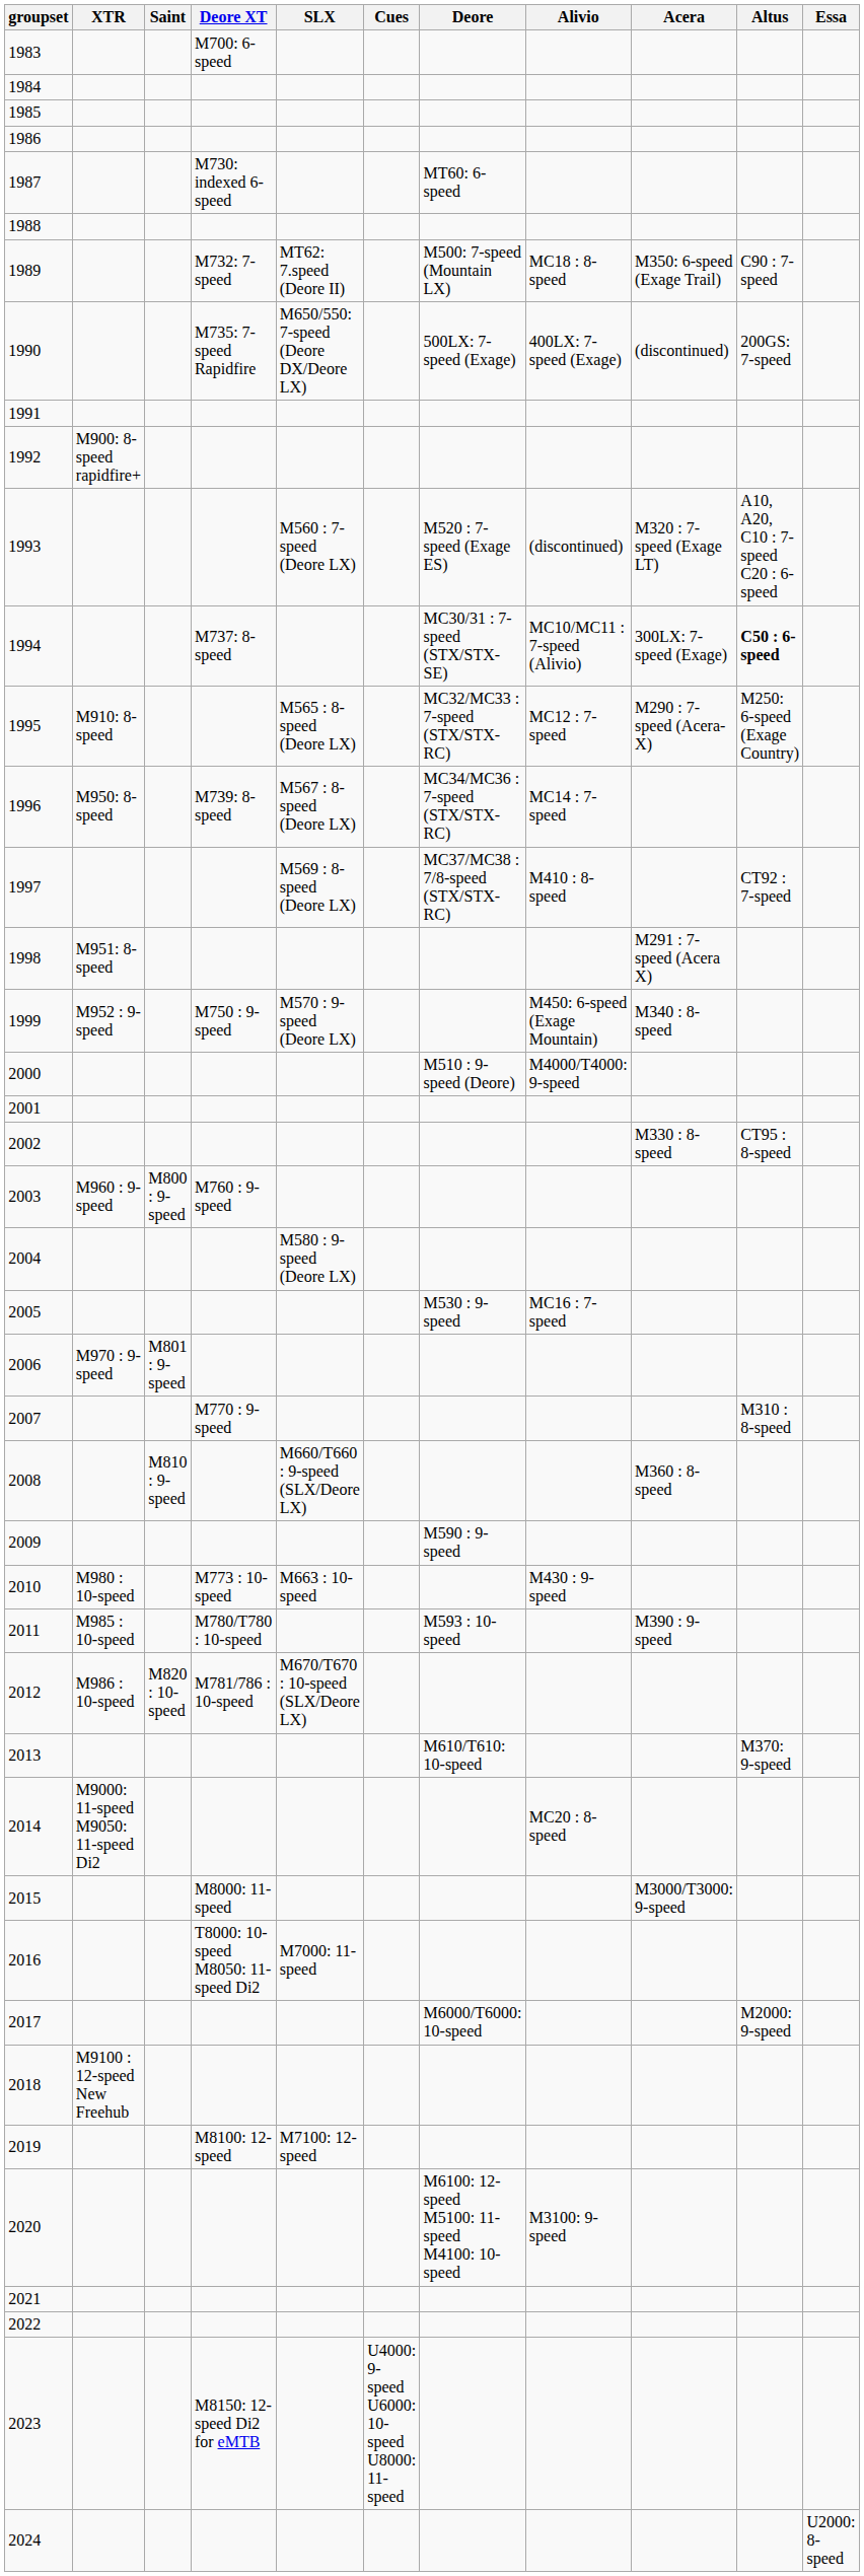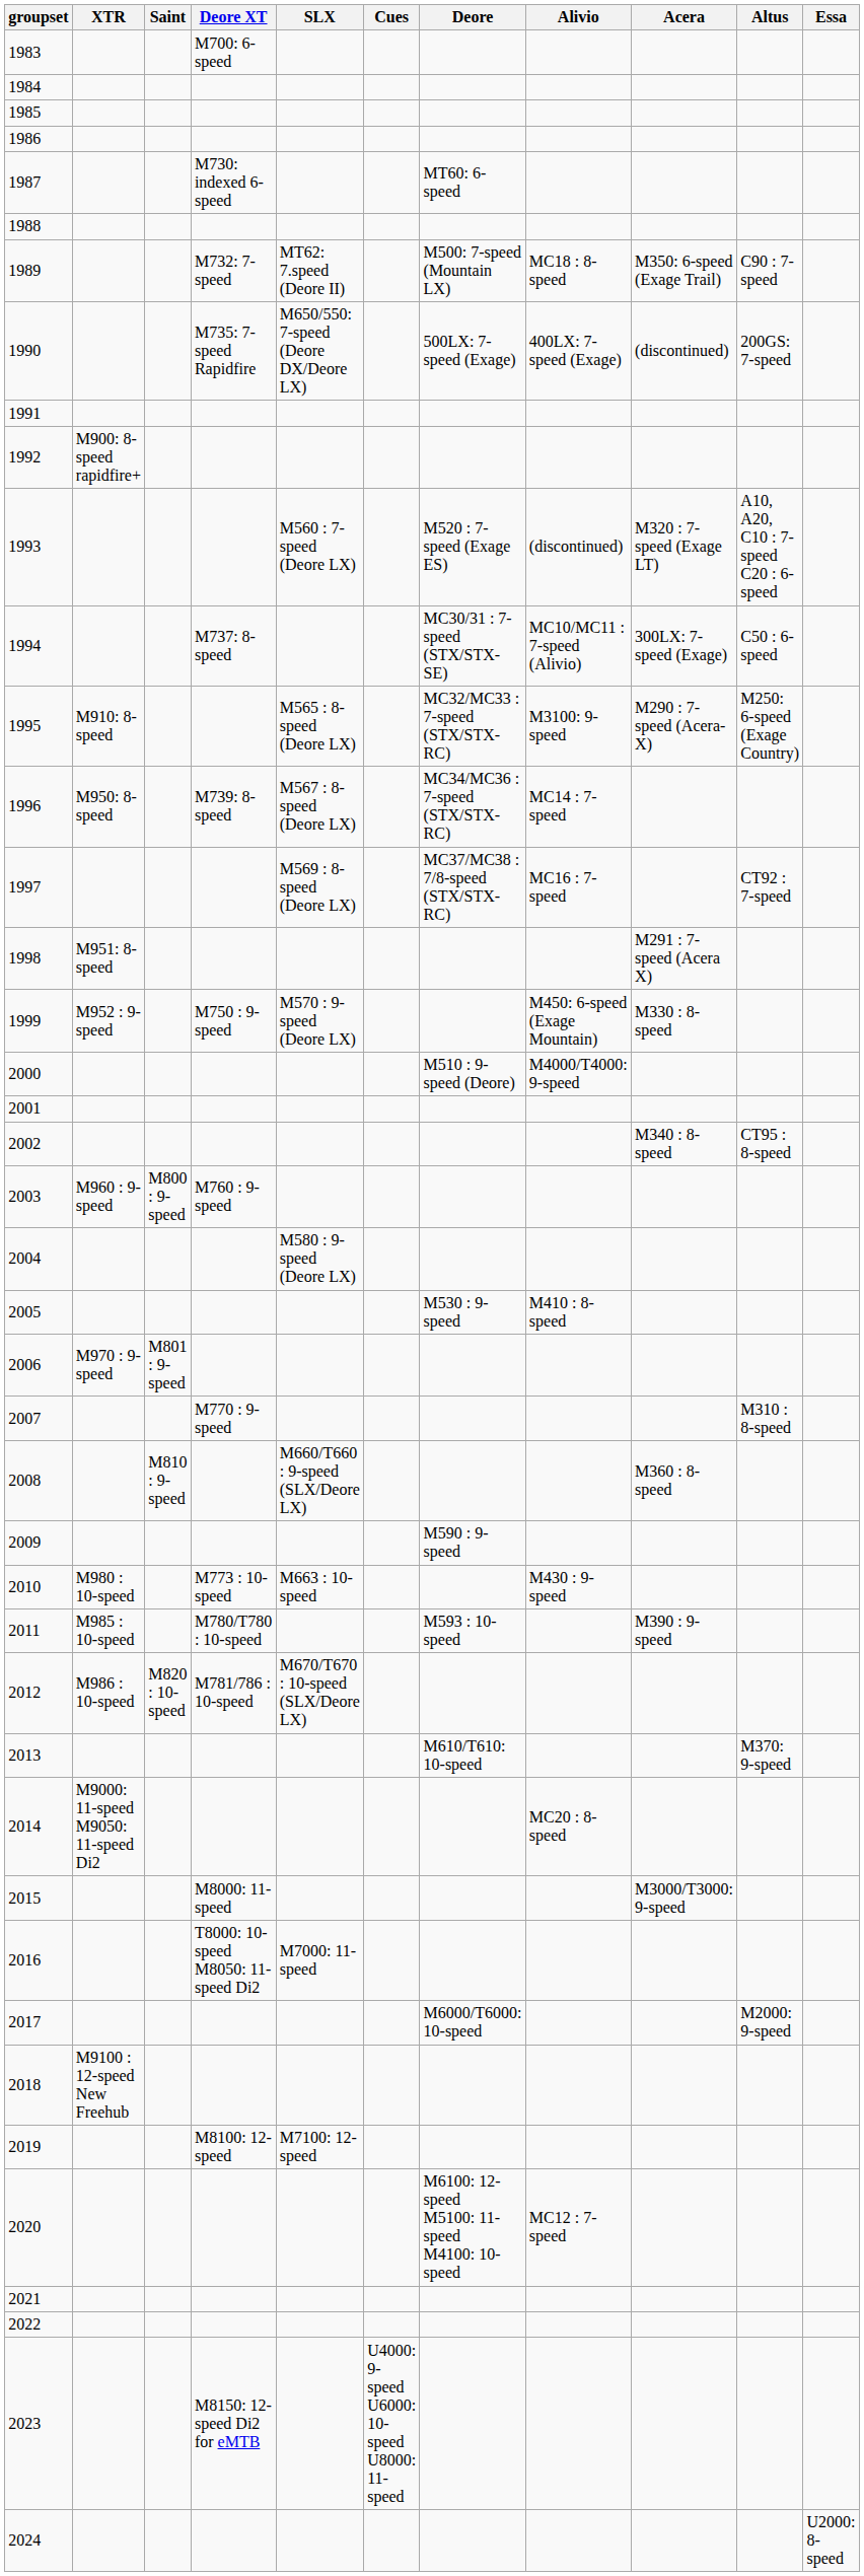 <table class="wikitable">
 <tr>
 <th>groupset</th>
 <th>XTR</th>
 <th>Saint</th>
 <th><a href='#'>Deore XT</a></th>
 <th>SLX</th>
 <th>Cues</th>
 <th>Deore</th>
 <th>Alivio</th>
 <th>Acera</th>
 <th>Altus</th>
 <th>Essa</th>
 </tr>
 <tr>
 <td>1983</td>
 <td></td>
 <td></td>
 <td>M700: 6-speed</td>
 <td></td>
 <td></td>
 <td></td>
 <td></td>
 <td></td>
 <td></td>
 <td></td>
 </tr>
 <tr>
 <td>1984</td>
 <td></td>
 <td></td>
 <td></td>
 <td></td>
 <td></td>
 <td></td>
 <td></td>
 <td></td>
 <td></td>
 <td></td>
 </tr>
 <tr>
 <td>1985</td>
 <td></td>
 <td></td>
 <td></td>
 <td></td>
 <td></td>
 <td></td>
 <td></td>
 <td></td>
 <td></td>
 <td></td>
 </tr>
 <tr>
 <td>1986</td>
 <td></td>
 <td></td>
 <td></td>
 <td></td>
 <td></td>
 <td></td>
 <td></td>
 <td></td>
 <td></td>
 <td></td>
 </tr>
 <tr>
 <td>1987</td>
 <td></td>
 <td></td>
 <td>M730: indexed 6-speed</td>
 <td></td>
 <td></td>
 <td>MT60: 6-speed</td>
 <td></td>
 <td></td>
 <td></td>
 <td></td>
 </tr>
 <tr>
 <td>1988</td>
 <td></td>
 <td></td>
 <td></td>
 <td></td>
 <td></td>
 <td></td>
 <td></td>
 <td></td>
 <td></td>
 <td></td>
 </tr>
 <tr>
 <td>1989</td>
 <td></td>
 <td></td>
 <td>M732: 7-speed</td>
 <td>MT62: 7.speed (Deore II)</td>
 <td></td>
 <td>M500: 7-speed (Mountain LX)</td>
 <td>MC18 : 8-speed</td>
 <td>M350: 6-speed (Exage Trail)</td>
 <td>C90 : 7-speed</td>
 <td></td>
 </tr>
 <tr>
 <td>1990</td>
 <td></td>
 <td></td>
 <td>M735: 7-speed Rapidfire</td>
 <td>M650/550: 7-speed (Deore DX/Deore LX)</td>
 <td></td>
 <td>500LX: 7-speed (Exage)</td>
 <td>400LX: 7-speed (Exage)</td>
 <td>(discontinued)</td>
 <td>200GS: 7-speed</td>
 <td></td>
 </tr>
 <tr>
 <td>1991</td>
 <td></td>
 <td></td>
 <td></td>
 <td></td>
 <td></td>
 <td></td>
 <td></td>
 <td></td>
 <td></td>
 <td></td>
 </tr>
 <tr>
 <td>1992</td>
 <td>M900: 8-speed rapidfire+</td>
 <td></td>
 <td></td>
 <td></td>
 <td></td>
 <td></td>
 <td></td>
 <td></td>
 <td></td>
 <td></td>
 </tr>
 <tr>
 <td>1993</td>
 <td></td>
 <td></td>
 <td></td>
 <td>M560 : 7-speed (Deore LX)</td>
 <td></td>
 <td>M520 : 7-speed (Exage ES)</td>
 <td>(discontinued)</td>
 <td>M320 : 7-speed (Exage LT)</td>
 <td>A10, A20, C10 : 7-speed<br>C20 : 6-speed</td>
 <td></td>
 </tr>
 <tr>
 <td>1994</td>
 <td></td>
 <td></td>
 <td>M737: 8-speed</td>
 <td></td>
 <td></td>
 <td>MC30/31 : 7-speed (STX/STX-SE)</td>
 <td>MC10/MC11 : 7-speed (Alivio)</td>
 <td>300LX: 7-speed (Exage)</td>
-<td><strong>C50 : 6-speed</strong></td>
+<td>C50 : 6-speed</td>
 <td></td>
 </tr>
 <tr>
 <td>1995</td>
 <td>M910: 8-speed</td>
 <td></td>
 <td></td>
 <td>M565 : 8-speed (Deore LX)</td>
 <td></td>
 <td>MC32/MC33 : 7-speed (STX/STX-RC)</td>
-<td>MC12 : 7-speed</td>
+<td>M3100: 9-speed</td>
 <td>M290 : 7-speed (Acera-X)</td>
 <td>M250: 6-speed (Exage Country)</td>
 <td></td>
 </tr>
 <tr>
 <td>1996</td>
 <td>M950: 8-speed</td>
 <td></td>
 <td>M739: 8-speed</td>
 <td>M567 : 8-speed (Deore LX)</td>
 <td></td>
 <td>MC34/MC36 : 7-speed (STX/STX-RC)</td>
 <td>MC14 : 7-speed</td>
 <td></td>
 <td></td>
 <td></td>
 </tr>
 <tr>
 <td>1997</td>
 <td></td>
 <td></td>
 <td></td>
 <td>M569 : 8-speed (Deore LX)</td>
 <td></td>
 <td>MC37/MC38 : 7/8-speed (STX/STX-RC)</td>
-<td>M410 : 8-speed</td>
+<td>MC16 : 7-speed</td>
 <td></td>
 <td>CT92 : 7-speed</td>
 <td></td>
 </tr>
 <tr>
 <td>1998</td>
 <td>M951: 8-speed</td>
 <td></td>
 <td></td>
 <td></td>
 <td></td>
 <td></td>
 <td></td>
 <td>M291 : 7-speed (Acera X)</td>
 <td></td>
 <td></td>
 </tr>
 <tr>
 <td>1999</td>
 <td>M952 : 9-speed</td>
 <td></td>
 <td>M750 : 9-speed</td>
 <td>M570 : 9-speed (Deore LX)</td>
 <td></td>
 <td></td>
 <td>M450: 6-speed (Exage Mountain)</td>
-<td>M340 : 8-speed</td>
+<td>M330 : 8-speed</td>
 <td></td>
 <td></td>
 </tr>
 <tr>
 <td>2000</td>
 <td></td>
 <td></td>
 <td></td>
 <td></td>
 <td></td>
 <td>M510 : 9-speed (Deore)</td>
 <td>M4000/T4000: 9-speed</td>
 <td></td>
 <td></td>
 <td></td>
 </tr>
 <tr>
 <td>2001</td>
 <td></td>
 <td></td>
 <td></td>
 <td></td>
 <td></td>
 <td></td>
 <td></td>
 <td></td>
 <td></td>
 <td></td>
 </tr>
 <tr>
 <td>2002</td>
 <td></td>
 <td></td>
 <td></td>
 <td></td>
 <td></td>
 <td></td>
 <td></td>
-<td>M330 : 8-speed</td>
+<td>M340 : 8-speed</td>
 <td>CT95 : 8-speed</td>
 <td></td>
 </tr>
 <tr>
 <td>2003</td>
 <td>M960 : 9-speed</td>
 <td>M800 : 9-speed</td>
 <td>M760 : 9-speed</td>
 <td></td>
 <td></td>
 <td></td>
 <td></td>
 <td></td>
 <td></td>
 <td></td>
 </tr>
 <tr>
 <td>2004</td>
 <td></td>
 <td></td>
 <td></td>
 <td>M580 : 9-speed (Deore LX)</td>
 <td></td>
 <td></td>
 <td></td>
 <td></td>
 <td></td>
 <td></td>
 </tr>
 <tr>
 <td>2005</td>
 <td></td>
 <td></td>
 <td></td>
 <td></td>
 <td></td>
 <td>M530 : 9-speed</td>
-<td>MC16 : 7-speed</td>
+<td>M410 : 8-speed</td>
 <td></td>
 <td></td>
 <td></td>
 </tr>
 <tr>
 <td>2006</td>
 <td>M970 : 9-speed</td>
 <td>M801 : 9-speed</td>
 <td></td>
 <td></td>
 <td></td>
 <td></td>
 <td></td>
 <td></td>
 <td></td>
 <td></td>
 </tr>
 <tr>
 <td>2007</td>
 <td></td>
 <td></td>
 <td>M770 : 9-speed</td>
 <td></td>
 <td></td>
 <td></td>
 <td></td>
 <td></td>
 <td>M310 : 8-speed</td>
 <td></td>
 </tr>
 <tr>
 <td>2008</td>
 <td></td>
 <td>M810 : 9-speed</td>
 <td></td>
 <td>M660/T660 : 9-speed (SLX/Deore LX)</td>
 <td></td>
 <td></td>
 <td></td>
 <td>M360 : 8-speed</td>
 <td></td>
 <td></td>
 </tr>
 <tr>
 <td>2009</td>
 <td></td>
 <td></td>
 <td></td>
 <td></td>
 <td></td>
 <td>M590 : 9-speed</td>
 <td></td>
 <td></td>
 <td></td>
 <td></td>
 </tr>
 <tr>
 <td>2010</td>
 <td>M980 : 10-speed</td>
 <td></td>
 <td>M773 : 10-speed</td>
 <td>M663 : 10-speed</td>
 <td></td>
 <td></td>
 <td>M430 : 9-speed</td>
 <td></td>
 <td></td>
 <td></td>
 </tr>
 <tr>
 <td>2011</td>
 <td>M985 : 10-speed</td>
 <td></td>
 <td>M780/T780 : 10-speed</td>
 <td></td>
 <td></td>
 <td>M593 : 10-speed</td>
 <td></td>
 <td>M390 : 9-speed</td>
 <td></td>
 <td></td>
 </tr>
 <tr>
 <td>2012</td>
 <td>M986 : 10-speed</td>
 <td>M820 : 10-speed</td>
 <td>M781/786 : 10-speed</td>
 <td>M670/T670 : 10-speed (SLX/Deore LX)</td>
 <td></td>
 <td></td>
 <td></td>
 <td></td>
 <td></td>
 <td></td>
 </tr>
 <tr>
 <td>2013</td>
 <td></td>
 <td></td>
 <td></td>
 <td></td>
 <td></td>
 <td>M610/T610: 10-speed</td>
 <td></td>
 <td></td>
 <td>M370: 9-speed</td>
 <td></td>
 </tr>
 <tr>
 <td>2014</td>
 <td>M9000: 11-speed<br>M9050: 11-speed Di2</td>
 <td></td>
 <td></td>
 <td></td>
 <td></td>
 <td></td>
 <td>MC20 : 8-speed</td>
 <td></td>
 <td></td>
 <td></td>
 </tr>
 <tr>
 <td>2015</td>
 <td></td>
 <td></td>
 <td>M8000: 11-speed</td>
 <td></td>
 <td></td>
 <td></td>
 <td></td>
 <td>M3000/T3000: 9-speed</td>
 <td></td>
 <td></td>
 </tr>
 <tr>
 <td>2016</td>
 <td></td>
 <td></td>
 <td>T8000: 10-speed<br>M8050: 11-speed Di2</td>
 <td>M7000: 11-speed</td>
 <td></td>
 <td></td>
 <td></td>
 <td></td>
 <td></td>
 <td></td>
 </tr>
 <tr>
 <td>2017</td>
 <td></td>
 <td></td>
 <td></td>
 <td></td>
 <td></td>
 <td>M6000/T6000: 10-speed</td>
 <td></td>
 <td></td>
 <td>M2000: 9-speed</td>
 <td></td>
 </tr>
 <tr>
 <td>2018</td>
 <td>M9100 : 12-speed New Freehub</td>
 <td></td>
 <td></td>
 <td></td>
 <td></td>
 <td></td>
 <td></td>
 <td></td>
 <td></td>
 <td></td>
 </tr>
 <tr>
 <td>2019</td>
 <td></td>
 <td></td>
 <td>M8100: 12-speed</td>
 <td>M7100: 12-speed</td>
 <td></td>
 <td></td>
 <td></td>
 <td></td>
 <td></td>
 <td></td>
 </tr>
 <tr>
 <td>2020</td>
 <td></td>
 <td></td>
 <td></td>
 <td></td>
 <td></td>
 <td>M6100: 12-speed<br>M5100: 11-speed<br>M4100: 10-speed</td>
-<td>M3100: 9-speed</td>
+<td>MC12 : 7-speed</td>
 <td></td>
 <td></td>
 <td></td>
 </tr>
 <tr>
 <td>2021</td>
 <td></td>
 <td></td>
 <td></td>
 <td></td>
 <td></td>
 <td></td>
 <td></td>
 <td></td>
 <td></td>
 <td></td>
 </tr>
 <tr>
 <td>2022</td>
 <td></td>
 <td></td>
 <td></td>
 <td></td>
 <td></td>
 <td></td>
 <td></td>
 <td></td>
 <td></td>
 <td></td>
 </tr>
 <tr>
 <td>2023</td>
 <td></td>
 <td></td>
 <td>M8150: 12-speed Di2 for <a href='#'>eMTB</a></td>
 <td></td>
 <td>U4000: 9-speed<br>U6000: 10-speed U8000: 11-speed</td>
 <td></td>
 <td></td>
 <td></td>
 <td></td>
 <td></td>
 </tr>
 <tr>
 <td>2024</td>
 <td></td>
 <td></td>
 <td></td>
 <td></td>
 <td></td>
 <td></td>
 <td></td>
 <td></td>
 <td></td>
 <td>U2000: 8-speed</td>
 </tr>
 </table>
